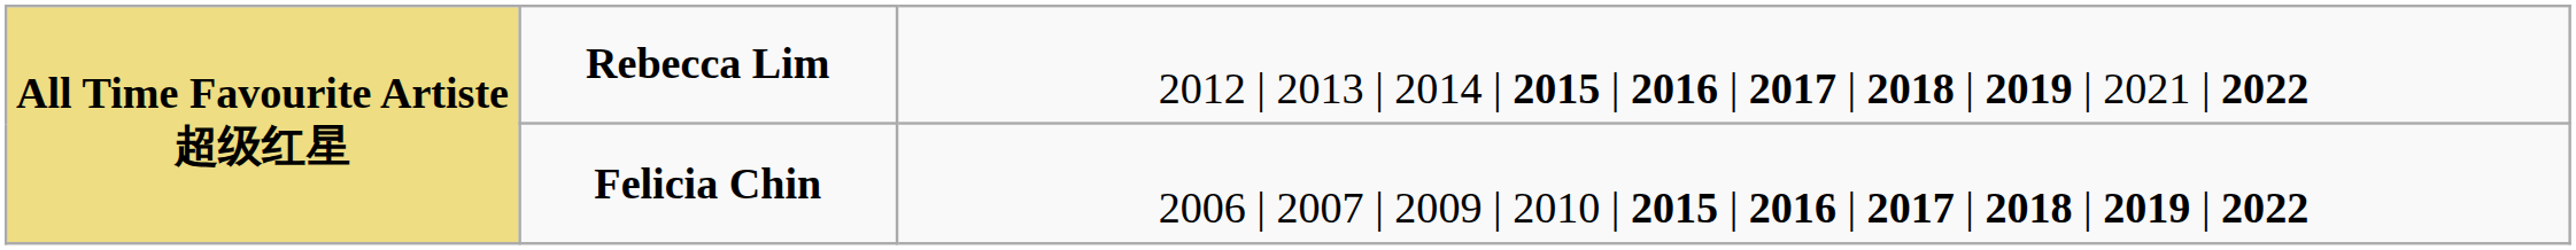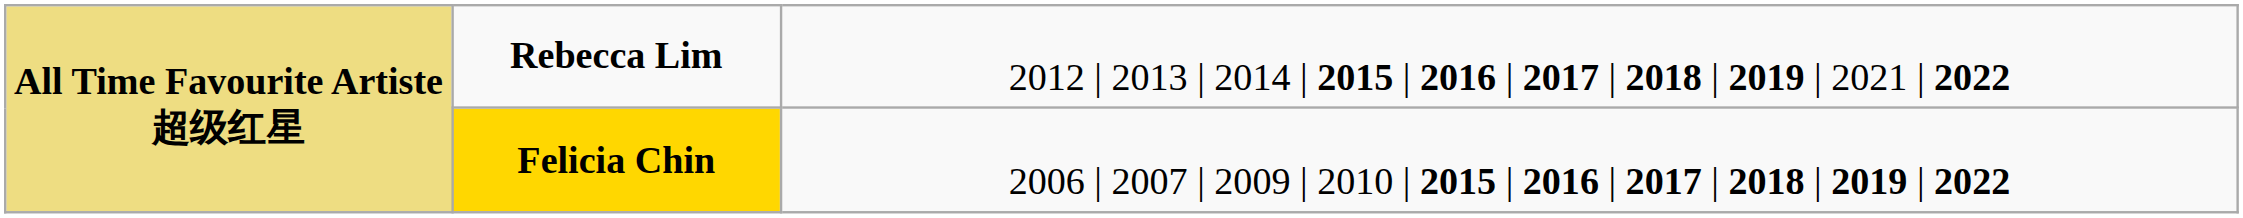 <table class="wikitable" style="text-align:center">
 <tr>
 <td rowspan="3" style="background:#eedd82; width: 20%"><strong>All Time Favourite Artiste<br> 超级红星</strong></td>
 <td><strong>Rebecca Lim </strong></td>
 <td><br>2012 | 2013 | 2014 | <strong>2015</strong> | <strong>2016</strong> |<strong> 2017</strong> | <strong>2018 </strong>| <strong>2019</strong> | 2021 |<strong> 2022</strong></td>
 </tr>
 <tr>
-<td><strong> Felicia Chin </strong></td>
+<td style="background: gold;"><strong> Felicia Chin </strong></td>
 <td><br>2006 | 2007 | 2009 | 2010 | <strong>2015 </strong>| <strong>2016</strong> | <strong>2017</strong> | <strong>2018 </strong>|<strong> 2019</strong> |<strong> 2022</strong></td>
 </tr>
 </table>
